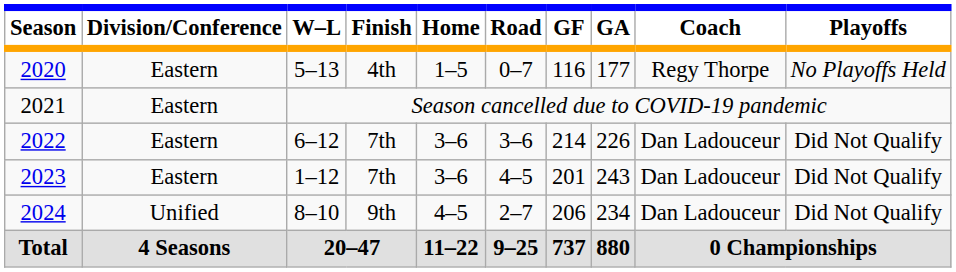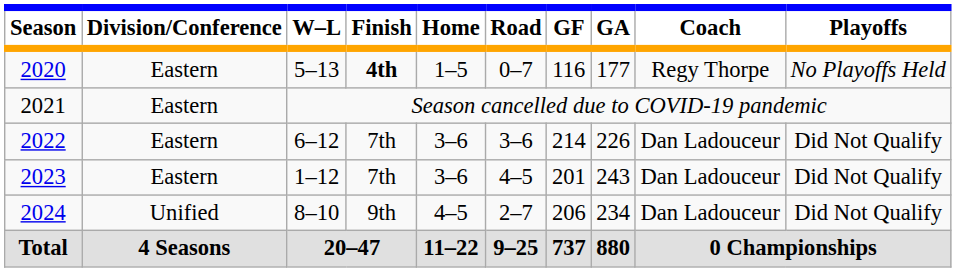 <table class=wikitable style="text-align:center;">
 <tr>
 <th style="background:#FFFFFF;border-top:blue 5px solid;border-bottom:orange 5px solid;">Season</th>
 <th style="background:#FFFFFF;border-top:blue 5px solid;border-bottom:orange 5px solid;">Division/Conference</th>
 <th style="background:#FFFFFF;border-top:blue 5px solid;border-bottom:orange 5px solid;">W–L</th>
 <th style="background:#FFFFFF;border-top:blue 5px solid;border-bottom:orange 5px solid;">Finish</th>
 <th style="background:#FFFFFF;border-top:blue 5px solid;border-bottom:orange 5px solid;">Home</th>
 <th style="background:#FFFFFF;border-top:blue 5px solid;border-bottom:orange 5px solid;">Road</th>
 <th style="background:#FFFFFF;border-top:blue 5px solid;border-bottom:orange 5px solid;">GF</th>
 <th style="background:#FFFFFF;border-top:blue 5px solid;border-bottom:orange 5px solid;">GA</th>
 <th style="background:#FFFFFF;border-top:blue 5px solid;border-bottom:orange 5px solid;">Coach</th>
 <th style="background:#FFFFFF;border-top:blue 5px solid;border-bottom:orange 5px solid;">Playoffs</th>
 </tr>
 <tr>
 <td><a href='#'>2020</a></td>
 <td>Eastern</td>
 <td>5–13</td>
-<td>4th</td>
+<td><strong>4th</strong></td>
 <td>1–5</td>
 <td>0–7</td>
 <td>116</td>
 <td>177</td>
 <td>Regy Thorpe</td>
 <td><em>No Playoffs Held</em></td>
 </tr>
 <tr>
 <td>2021</td>
 <td>Eastern</td>
 <td colspan="8"><em>Season cancelled due to COVID-19 pandemic</em></td>
 </tr>
 <tr>
 <td><a href='#'>2022</a></td>
 <td>Eastern</td>
 <td>6–12</td>
 <td>7th</td>
 <td>3–6</td>
 <td>3–6</td>
 <td>214</td>
 <td>226</td>
 <td>Dan Ladouceur</td>
 <td>Did Not Qualify</td>
 </tr>
 <tr>
 <td><a href='#'>2023</a></td>
 <td>Eastern</td>
 <td>1–12</td>
 <td>7th</td>
 <td>3–6</td>
 <td>4–5</td>
 <td>201</td>
 <td>243</td>
 <td>Dan Ladouceur</td>
 <td>Did Not Qualify</td>
 </tr>
 <tr>
 <td><a href='#'>2024</a></td>
 <td>Unified</td>
 <td>8–10</td>
 <td>9th</td>
 <td>4–5</td>
 <td>2–7</td>
 <td>206</td>
 <td>234</td>
 <td>Dan Ladouceur</td>
 <td>Did Not Qualify</td>
 </tr>
 <tr bgcolor="#e0e0e0">
 <td><strong>Total</strong></td>
 <td><strong>4 Seasons</strong></td>
 <td colspan="2"><strong>20–47</strong></td>
 <td><strong>11–22</strong></td>
 <td><strong>9–25</strong></td>
 <td><strong>737</strong></td>
 <td><strong>880</strong></td>
 <td colspan="2"><strong>0 Championships</strong></td>
 </tr>
 </table>
